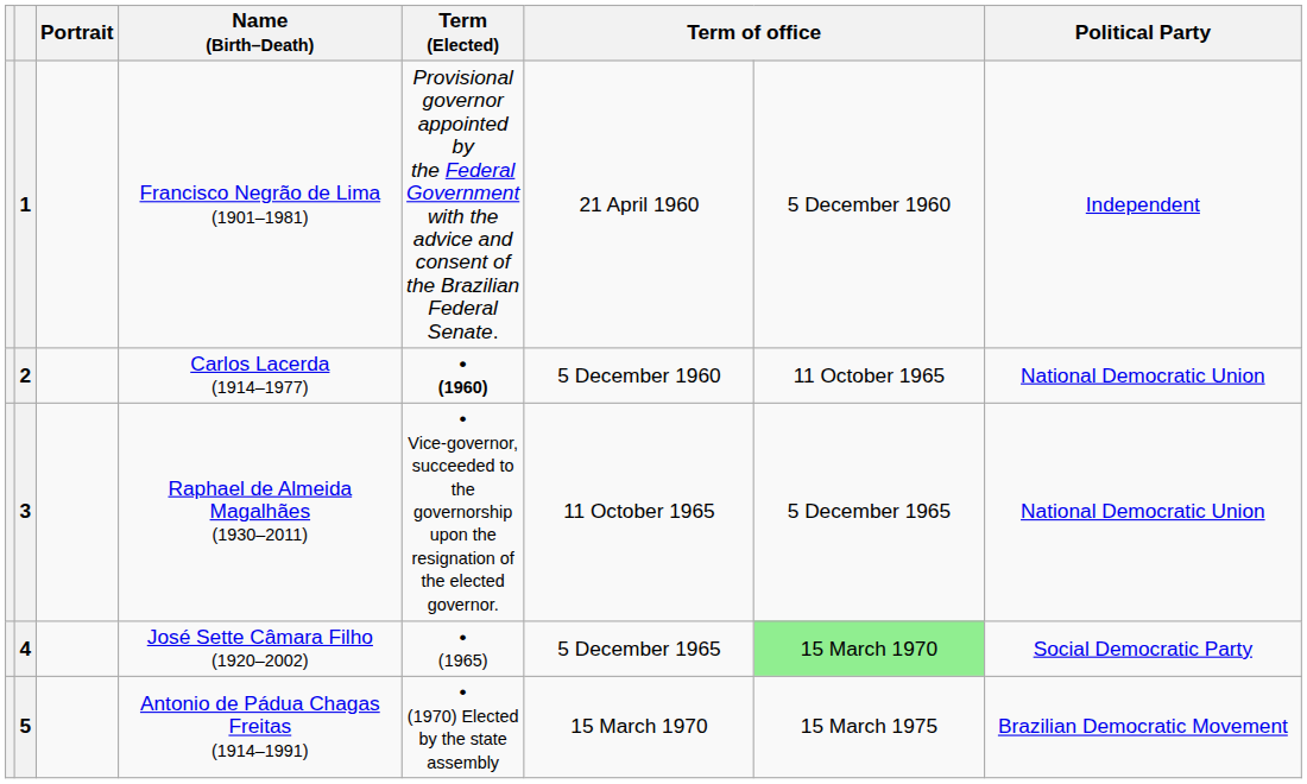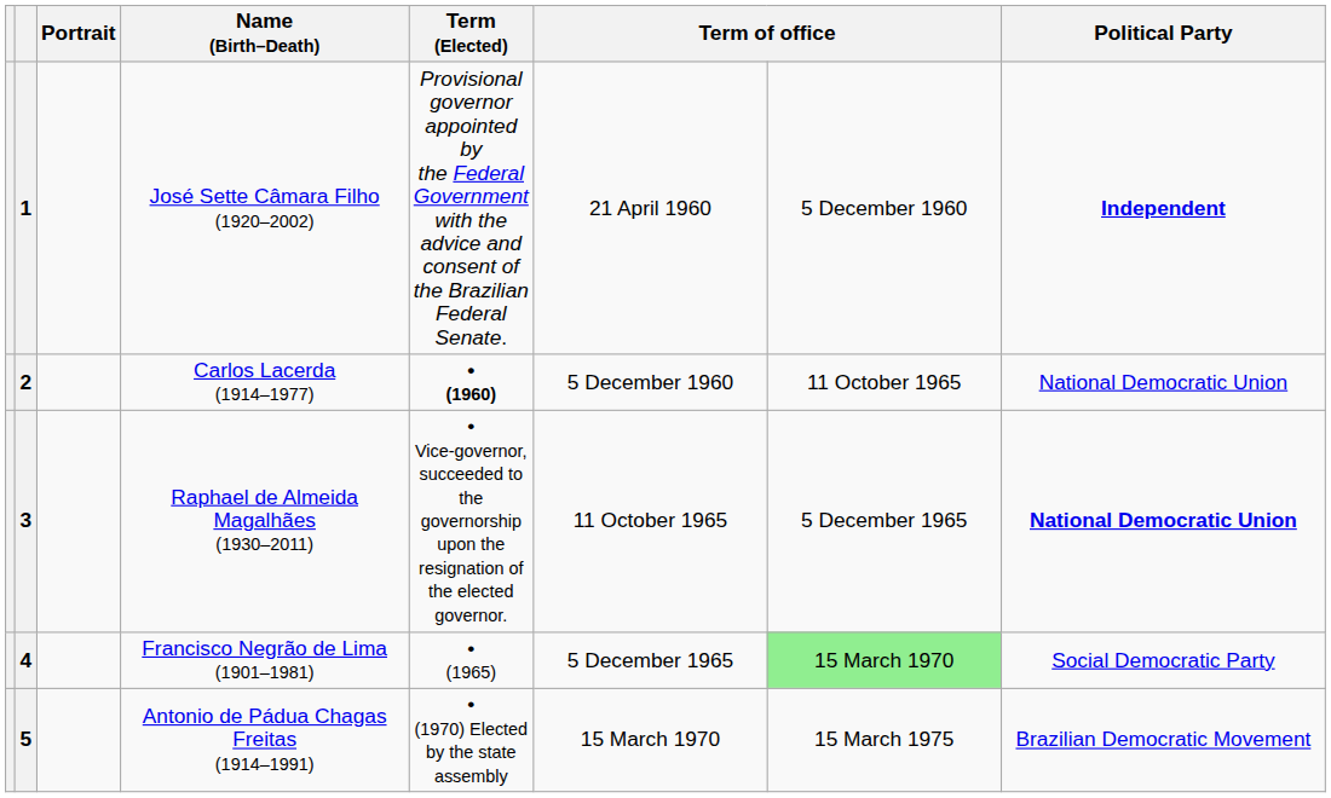 <table class="wikitable" style="width:80%; text-align:center;">
 <tr>
 <th></th>
 <th></th>
 <th width=70>Portrait</th>
 <th width=25%>Name<br><small>(Birth–Death)</small></th>
 <th width=7%>Term<br><small>(Elected)</small></th>
 <th colspan="2" width=40%>Term of office</th>
 <th width=30%>Political Party</th>
 </tr>
 <tr>
 <th></th>
 <th>1</th>
 <td></td>
-<td><a href='#'>Francisco Negrão de Lima</a><br><small>(1901–1981)</small></td>
+<td><a href='#'>José Sette Câmara Filho</a><br><small>(1920–2002)</small></td>
 <td><em>Provisional governor appointed by<br> the <a href='#'>Federal Government</a> with the advice and consent of the Brazilian Federal Senate</em>.</td>
 <td>21 April 1960</td>
 <td>5 December 1960</td>
-<td><a href='#'>Independent</a></td>
+<td><strong><a href='#'>Independent</a></strong></td>
 </tr>
 <tr>
 <th style="background:"></th>
 <th>2</th>
 <td></td>
 <td><a href='#'>Carlos Lacerda</a><br><small>(1914–1977)</small></td>
 <td><strong>•<br><small>(1960)</small></strong></td>
 <td>5 December 1960</td>
 <td>11 October 1965</td>
 <td><a href='#'>National Democratic Union</a></td>
 </tr>
 <tr>
 <th style="background:"></th>
 <th>3</th>
 <td></td>
 <td><a href='#'>Raphael de Almeida Magalhães</a><br><small>(1930–2011)</small></td>
 <td>•<br><small> Vice-governor, succeeded to the governorship upon the resignation of the elected governor.</small></td>
 <td>11 October 1965</td>
 <td>5 December 1965</td>
-<td><a href='#'>National Democratic Union</a></td>
+<td><strong><a href='#'>National Democratic Union</a></strong></td>
 </tr>
 <tr>
 <th style="background:"></th>
 <th>4</th>
 <td></td>
-<td><a href='#'>José Sette Câmara Filho</a><br><small>(1920–2002)</small></td>
+<td><a href='#'>Francisco Negrão de Lima</a><br><small>(1901–1981)</small></td>
 <td>•<br><small>(1965)</small></td>
 <td>5 December 1965</td>
 <td style="background: lightgreen;">15 March 1970</td>
 <td><a href='#'>Social Democratic Party</a></td>
 </tr>
 <tr>
 <th style="background:"></th>
 <th>5</th>
 <td></td>
 <td><a href='#'>Antonio de Pádua Chagas Freitas</a><br><small>(1914–1991)</small></td>
 <td>•<br><small>(1970) Elected by the state assembly</small></td>
 <td>15 March 1970</td>
 <td>15 March 1975</td>
 <td><a href='#'>Brazilian Democratic Movement</a></td>
 </tr>
 </table>
